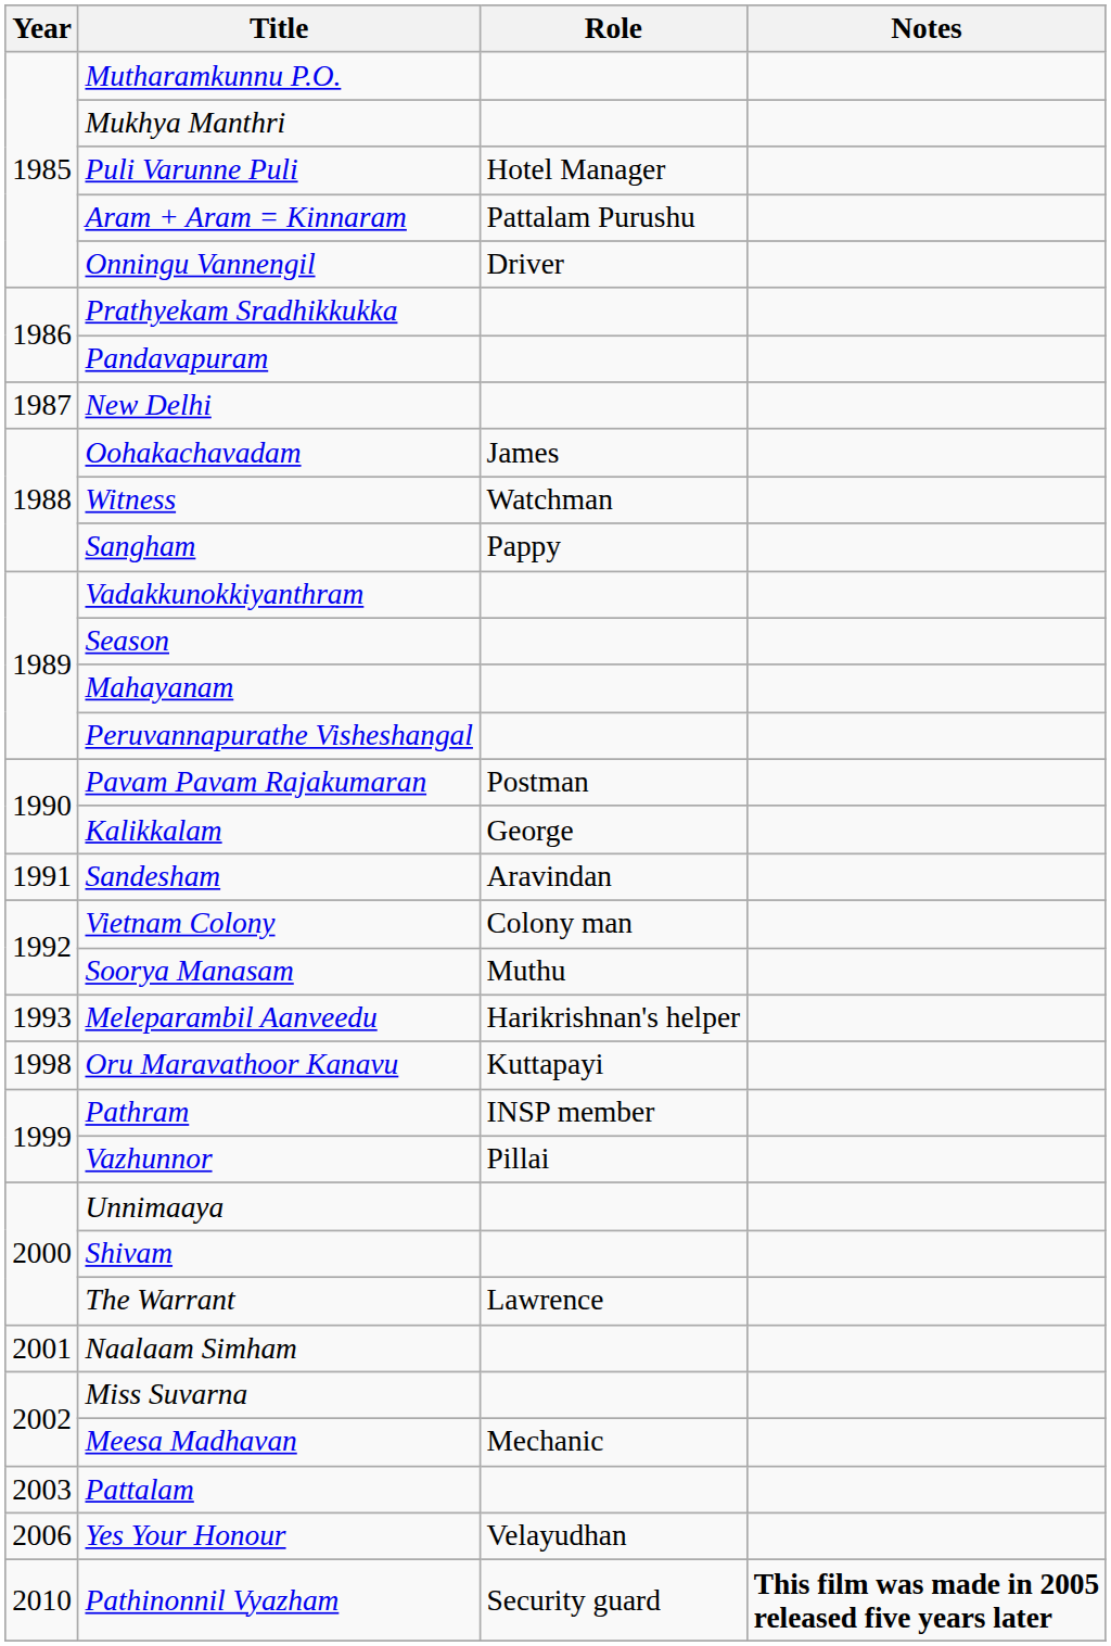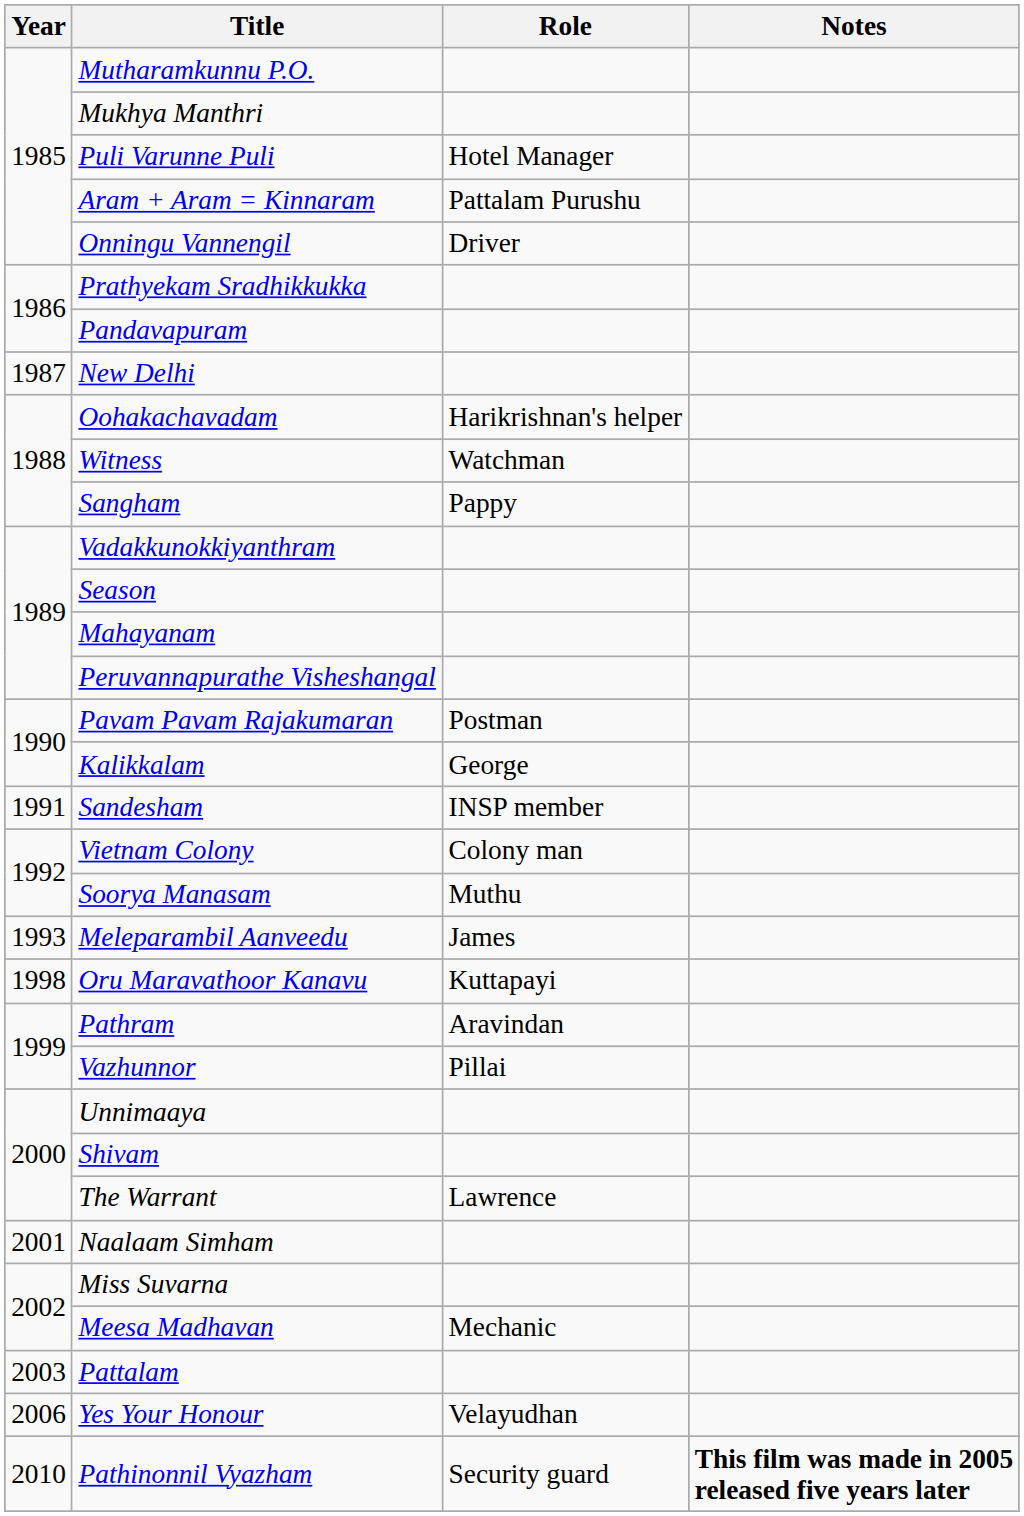 <table class="wikitable sortable">
 <tr>
 <th>Year</th>
 <th>Title</th>
 <th>Role</th>
 <th class="unsortable">Notes</th>
 </tr>
 <tr>
 <td rowspan=5>1985</td>
 <td><em><a href='#'>Mutharamkunnu P.O.</a></em></td>
 <td></td>
 <td></td>
 </tr>
 <tr>
 <td><em>Mukhya Manthri</em></td>
 <td></td>
 <td></td>
 </tr>
 <tr>
 <td><em><a href='#'>Puli Varunne Puli</a></em></td>
 <td>Hotel Manager</td>
 <td></td>
 </tr>
 <tr>
 <td><em><a href='#'>Aram + Aram = Kinnaram</a></em></td>
 <td>Pattalam Purushu</td>
 <td></td>
 </tr>
 <tr>
 <td><em><a href='#'>Onningu Vannengil </a></em></td>
 <td>Driver</td>
 <td></td>
 </tr>
 <tr>
 <td rowspan=2>1986</td>
 <td><em><a href='#'>Prathyekam Sradhikkukka</a></em></td>
 <td></td>
 <td></td>
 </tr>
 <tr>
 <td><em><a href='#'>Pandavapuram</a></em></td>
 <td></td>
 <td></td>
 </tr>
 <tr>
 <td>1987</td>
 <td><em><a href='#'>New Delhi</a></em></td>
 <td></td>
 <td></td>
 </tr>
 <tr>
 <td rowspan=3>1988</td>
 <td><em><a href='#'>Oohakachavadam</a></em></td>
-<td>James</td>
+<td>Harikrishnan's helper</td>
 <td></td>
 </tr>
 <tr>
 <td><em><a href='#'>Witness</a></em></td>
 <td>Watchman</td>
 <td></td>
 </tr>
 <tr>
 <td><em><a href='#'>Sangham</a></em></td>
 <td>Pappy</td>
 <td></td>
 </tr>
 <tr>
 <td rowspan=4>1989</td>
 <td><em><a href='#'>Vadakkunokkiyanthram</a></em></td>
 <td></td>
 <td></td>
 </tr>
 <tr>
 <td><em><a href='#'>Season</a></em></td>
 <td></td>
 <td></td>
 </tr>
 <tr>
 <td><em><a href='#'>Mahayanam</a></em></td>
 <td></td>
 <td></td>
 </tr>
 <tr>
 <td><em><a href='#'>Peruvannapurathe Visheshangal</a></em></td>
 <td></td>
 <td></td>
 </tr>
 <tr>
 <td rowspan=2>1990</td>
 <td><em><a href='#'>Pavam Pavam Rajakumaran</a></em></td>
 <td>Postman</td>
 <td></td>
 </tr>
 <tr>
 <td><em><a href='#'>Kalikkalam</a></em></td>
 <td>George</td>
 <td></td>
 </tr>
 <tr>
 <td>1991</td>
 <td><em><a href='#'>Sandesham</a></em></td>
-<td>Aravindan</td>
+<td>INSP member</td>
 <td></td>
 </tr>
 <tr>
 <td rowspan=2>1992</td>
 <td><em><a href='#'>Vietnam Colony</a></em></td>
 <td>Colony man</td>
 <td></td>
 </tr>
 <tr>
 <td><em><a href='#'>Soorya Manasam</a></em></td>
 <td>Muthu</td>
 <td></td>
 </tr>
 <tr>
 <td>1993</td>
 <td><em><a href='#'>Meleparambil Aanveedu</a></em></td>
-<td>Harikrishnan's helper</td>
+<td>James</td>
 <td></td>
 </tr>
 <tr>
 <td>1998</td>
 <td><em><a href='#'>Oru Maravathoor Kanavu</a></em></td>
 <td>Kuttapayi</td>
 <td></td>
 </tr>
 <tr>
 <td rowspan=2>1999</td>
 <td><em><a href='#'>Pathram</a></em></td>
-<td>INSP member</td>
+<td>Aravindan</td>
 <td></td>
 </tr>
 <tr>
 <td><em><a href='#'>Vazhunnor</a></em></td>
 <td>Pillai</td>
 <td></td>
 </tr>
 <tr>
 <td rowspan=3>2000</td>
 <td><em>Unnimaaya</em></td>
 <td></td>
 <td></td>
 </tr>
 <tr>
 <td><em><a href='#'>Shivam</a></em></td>
 <td></td>
 <td></td>
 </tr>
 <tr>
 <td><em>The Warrant</em></td>
 <td>Lawrence</td>
 <td></td>
 </tr>
 <tr>
 <td>2001</td>
 <td><em>Naalaam Simham</em></td>
 <td></td>
 <td></td>
 </tr>
 <tr>
 <td rowspan=2>2002</td>
 <td><em>Miss Suvarna</em></td>
 <td></td>
 <td></td>
 </tr>
 <tr>
 <td><em><a href='#'>Meesa Madhavan</a></em></td>
 <td>Mechanic</td>
 <td></td>
 </tr>
 <tr>
 <td>2003</td>
 <td><em><a href='#'>Pattalam</a></em></td>
 <td></td>
 <td></td>
 </tr>
 <tr>
 <td>2006</td>
 <td><em><a href='#'>Yes Your Honour</a></em></td>
 <td>Velayudhan</td>
 <td></td>
 </tr>
 <tr>
 <td>2010</td>
 <td><em><a href='#'>Pathinonnil Vyazham</a></em></td>
 <td>Security guard</td>
 <td><strong>This film was made in 2005<br>released five years later</strong></td>
 </tr>
 <tr>
 </tr>
 </table>
